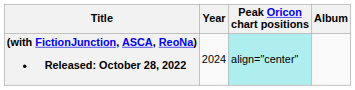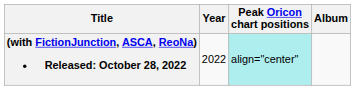 <table class="wikitable plainrowheaders">
 <tr>
 <th scope="col" rowspan="1">Title</th>
 <th scope="col" rowspan="1">Year</th>
 <th scope="col" rowspan="1">Peak <a href='#'>Oricon</a><br> chart positions</th>
 <th scope="col" rowspan="1">Album</th>
 </tr>
 <tr>
 <th scope="row"> (with <a href='#'>FictionJunction</a>, <a href='#'>ASCA</a>, <a href='#'>ReoNa</a>)<br><ul><li>Released: October 28, 2022</li></ul></th>
-<td rowspan="1">2024</td>
+<td rowspan="1">2022</td>
 <td style="background: paleturquoise;">align="center" </td>
 <td></td>
 </tr>
 </table>
